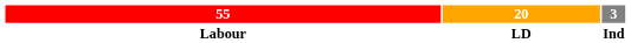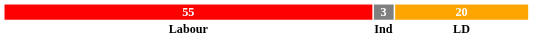 <table style="text-align:center;">
 <tr style="color:white;">
 <td style="background:red; width:70.6%;"><strong>55</strong></td>
+<td style="background:grey; width:3.8%"><strong>3</strong></td>
 <td style="background:orange; width:25.6%;"><strong>20</strong></td>
-<td style="background:grey; width:3.8%"><strong>3</strong></td>
 </tr>
 <tr>
 <td><span><strong>Labour</strong></span></td>
+<td><span><strong>Ind</strong></span></td>
 <td><span><strong>LD</strong></span></td>
-<td><span><strong>Ind</strong></span></td>
 </tr>
 </table>
